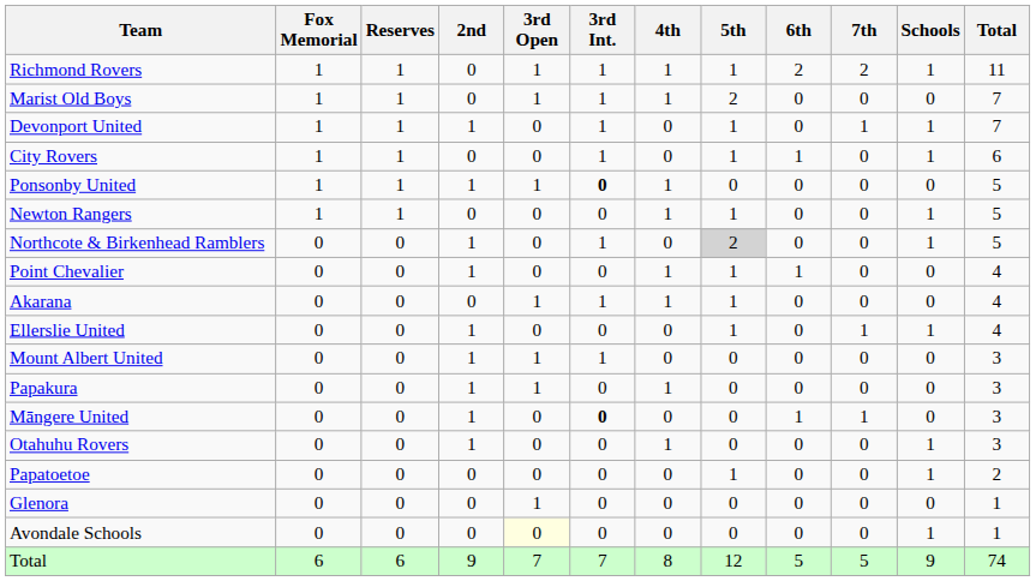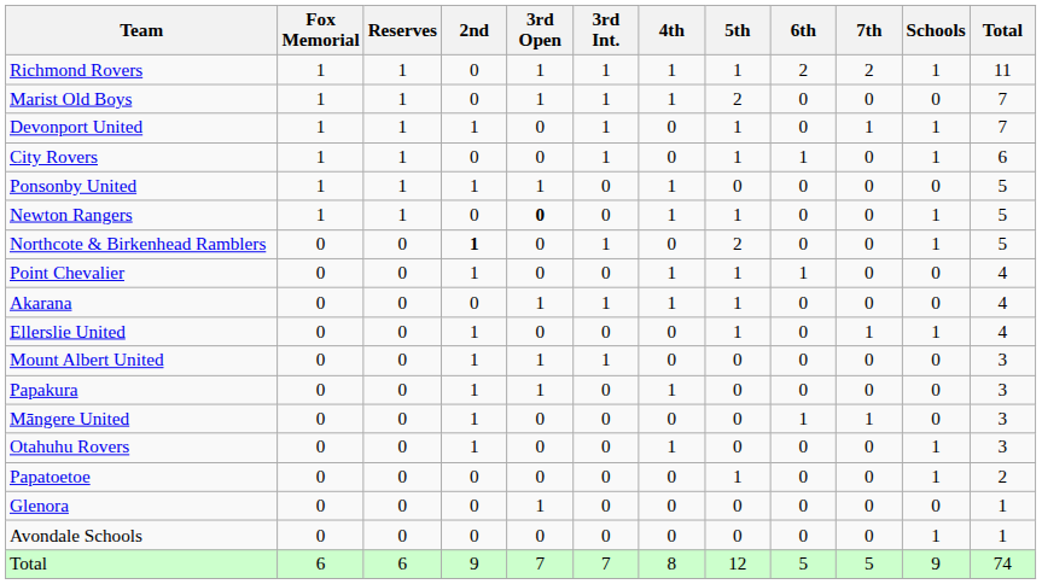 <table class="wikitable" style="text-align:center;">
 <tr>
 <th width=230>Team</th>
 <th width=50 abbr="1st Grade">Fox Memorial</th>
 <th width=50 abbr="Reserves">Reserves</th>
 <th width=50 abbr="2nd Grade">2nd</th>
 <th width=50 abbr="3rd Grade">3rd Open</th>
 <th width=50 abbr="3rd Grade">3rd Int.</th>
 <th width=50 abbr="4th Grade">4th</th>
 <th width=50 abbr="5th Grade">5th</th>
 <th width=50 abbr="6th Grade">6th</th>
 <th width=50 abbr="7th Grade">7th</th>
 <th width=50 abbr="Schoolboys">Schools</th>
 <th width=50 abbr="Total">Total</th>
 </tr>
 <tr>
 <td style="text-align:left;"><a href='#'>Richmond Rovers</a></td>
 <td>1</td>
 <td>1</td>
 <td>0</td>
 <td>1</td>
 <td>1</td>
 <td>1</td>
 <td>1</td>
 <td>2</td>
 <td>2</td>
 <td>1</td>
 <td>11</td>
 </tr>
 <tr>
 <td style="text-align:left;"><a href='#'>Marist Old Boys</a></td>
 <td>1</td>
 <td>1</td>
 <td>0</td>
 <td>1</td>
 <td>1</td>
 <td>1</td>
 <td>2</td>
 <td>0</td>
 <td>0</td>
 <td>0</td>
 <td>7</td>
 </tr>
 <tr>
 <td style="text-align:left;"><a href='#'>Devonport United</a></td>
 <td>1</td>
 <td>1</td>
 <td>1</td>
 <td>0</td>
 <td>1</td>
 <td>0</td>
 <td>1</td>
 <td>0</td>
 <td>1</td>
 <td>1</td>
 <td>7</td>
 </tr>
 <tr>
 <td style="text-align:left;"><a href='#'>City Rovers</a></td>
 <td>1</td>
 <td>1</td>
 <td>0</td>
 <td>0</td>
 <td>1</td>
 <td>0</td>
 <td>1</td>
 <td>1</td>
 <td>0</td>
 <td>1</td>
 <td>6</td>
 </tr>
 <tr>
 <td style="text-align:left;"><a href='#'>Ponsonby United</a></td>
 <td>1</td>
 <td>1</td>
 <td>1</td>
 <td>1</td>
-<td><strong>0</strong></td>
+<td>0</td>
 <td>1</td>
 <td>0</td>
 <td>0</td>
 <td>0</td>
 <td>0</td>
 <td>5</td>
 </tr>
 <tr>
 <td style="text-align:left;"><a href='#'>Newton Rangers</a></td>
 <td>1</td>
 <td>1</td>
 <td>0</td>
-<td>0</td>
+<td><strong>0</strong></td>
 <td>0</td>
 <td>1</td>
 <td>1</td>
 <td>0</td>
 <td>0</td>
 <td>1</td>
 <td>5</td>
 </tr>
 <tr>
 <td style="text-align:left;"><a href='#'>Northcote & Birkenhead Ramblers</a></td>
 <td>0</td>
 <td>0</td>
-<td>1</td>
+<td><strong>1</strong></td>
 <td>0</td>
 <td>1</td>
 <td>0</td>
-<td style="background: lightgrey;">2</td>
+<td>2</td>
 <td>0</td>
 <td>0</td>
 <td>1</td>
 <td>5</td>
 </tr>
 <tr>
 <td style="text-align:left;"><a href='#'>Point Chevalier</a></td>
 <td>0</td>
 <td>0</td>
 <td>1</td>
 <td>0</td>
 <td>0</td>
 <td>1</td>
 <td>1</td>
 <td>1</td>
 <td>0</td>
 <td>0</td>
 <td>4</td>
 </tr>
 <tr>
 <td style="text-align:left;"><a href='#'>Akarana</a></td>
 <td>0</td>
 <td>0</td>
 <td>0</td>
 <td>1</td>
 <td>1</td>
 <td>1</td>
 <td>1</td>
 <td>0</td>
 <td>0</td>
 <td>0</td>
 <td>4</td>
 </tr>
 <tr>
 <td style="text-align:left;"><a href='#'>Ellerslie United</a></td>
 <td>0</td>
 <td>0</td>
 <td>1</td>
 <td>0</td>
 <td>0</td>
 <td>0</td>
 <td>1</td>
 <td>0</td>
 <td>1</td>
 <td>1</td>
 <td>4</td>
 </tr>
 <tr>
 <td style="text-align:left;"><a href='#'>Mount Albert United</a></td>
 <td>0</td>
 <td>0</td>
 <td>1</td>
 <td>1</td>
 <td>1</td>
 <td>0</td>
 <td>0</td>
 <td>0</td>
 <td>0</td>
 <td>0</td>
 <td>3</td>
 </tr>
 <tr>
 <td style="text-align:left;"><a href='#'>Papakura</a></td>
 <td>0</td>
 <td>0</td>
 <td>1</td>
 <td>1</td>
 <td>0</td>
 <td>1</td>
 <td>0</td>
 <td>0</td>
 <td>0</td>
 <td>0</td>
 <td>3</td>
 </tr>
 <tr>
 <td style="text-align:left;"><a href='#'>Māngere United</a></td>
 <td>0</td>
 <td>0</td>
 <td>1</td>
 <td>0</td>
-<td><strong>0</strong></td>
+<td>0</td>
 <td>0</td>
 <td>0</td>
 <td>1</td>
 <td>1</td>
 <td>0</td>
 <td>3</td>
 </tr>
 <tr>
 <td style="text-align:left;"><a href='#'>Otahuhu Rovers</a></td>
 <td>0</td>
 <td>0</td>
 <td>1</td>
 <td>0</td>
 <td>0</td>
 <td>1</td>
 <td>0</td>
 <td>0</td>
 <td>0</td>
 <td>1</td>
 <td>3</td>
 </tr>
 <tr>
 <td style="text-align:left;"><a href='#'>Papatoetoe</a></td>
 <td>0</td>
 <td>0</td>
 <td>0</td>
 <td>0</td>
 <td>0</td>
 <td>0</td>
 <td>1</td>
 <td>0</td>
 <td>0</td>
 <td>1</td>
 <td>2</td>
 </tr>
 <tr>
 <td style="text-align:left;"><a href='#'>Glenora</a></td>
 <td>0</td>
 <td>0</td>
 <td>0</td>
 <td>1</td>
 <td>0</td>
 <td>0</td>
 <td>0</td>
 <td>0</td>
 <td>0</td>
 <td>0</td>
 <td>1</td>
 </tr>
 <tr>
 <td style="text-align:left;">Avondale Schools</td>
 <td>0</td>
 <td>0</td>
 <td>0</td>
-<td style="background: lightyellow;">0</td>
+<td>0</td>
 <td>0</td>
 <td>0</td>
 <td>0</td>
 <td>0</td>
 <td>0</td>
 <td>1</td>
 <td>1</td>
 </tr>
 <tr style="background: #ccffcc;">
 <td style="text-align:left;">Total</td>
 <td>6</td>
 <td>6</td>
 <td>9</td>
 <td>7</td>
 <td>7</td>
 <td>8</td>
 <td>12</td>
 <td>5</td>
 <td>5</td>
 <td>9</td>
 <td>74</td>
 </tr>
 <tr>
 </tr>
 </table>
